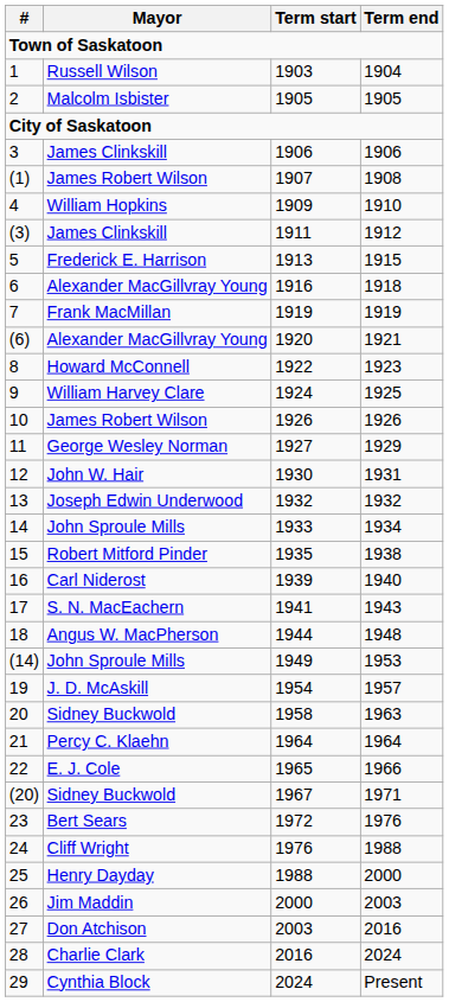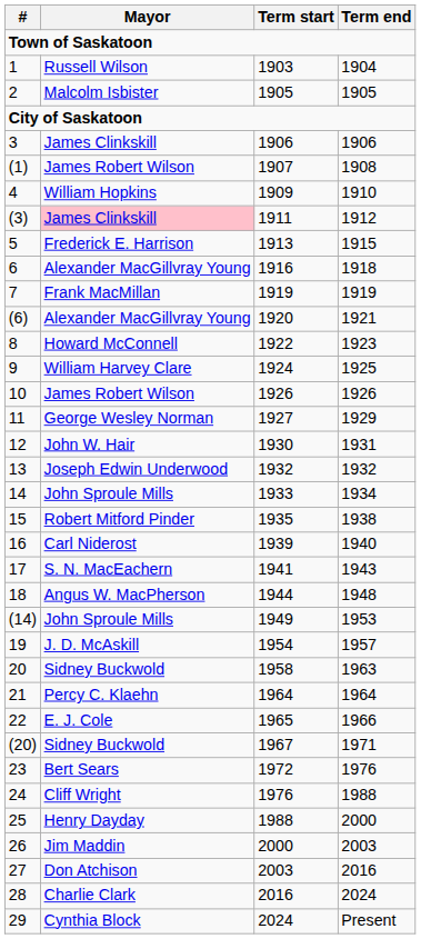 <table class="wikitable">
 <tr>
 <th>#</th>
 <th>Mayor</th>
 <th>Term start</th>
 <th>Term end</th>
 </tr>
 <tr>
 <td colspan="4"><strong>Town of Saskatoon</strong></td>
 </tr>
 <tr>
 <td>1</td>
 <td><a href='#'>Russell Wilson</a></td>
 <td>1903</td>
 <td>1904</td>
 </tr>
 <tr>
 <td>2</td>
 <td><a href='#'>Malcolm Isbister</a></td>
 <td>1905</td>
 <td>1905</td>
 </tr>
 <tr>
 <td colspan="4"><strong>City of Saskatoon</strong></td>
 </tr>
 <tr>
 <td>3</td>
 <td><a href='#'>James Clinkskill</a></td>
 <td>1906</td>
 <td>1906</td>
 </tr>
 <tr>
 <td>(1)</td>
 <td><a href='#'>James Robert Wilson</a></td>
 <td>1907</td>
 <td>1908</td>
 </tr>
 <tr>
 <td>4</td>
 <td><a href='#'>William Hopkins</a></td>
 <td>1909</td>
 <td>1910</td>
 </tr>
 <tr>
 <td>(3)</td>
-<td><a href='#'>James Clinkskill</a></td>
+<td style="background: pink;"><a href='#'>James Clinkskill</a></td>
 <td>1911</td>
 <td>1912</td>
 </tr>
 <tr>
 <td>5</td>
 <td><a href='#'>Frederick E. Harrison</a></td>
 <td>1913</td>
 <td>1915</td>
 </tr>
 <tr>
 <td>6</td>
 <td><a href='#'>Alexander MacGillvray Young</a></td>
 <td>1916</td>
 <td>1918</td>
 </tr>
 <tr>
 <td>7</td>
 <td><a href='#'>Frank MacMillan</a></td>
 <td>1919</td>
 <td>1919</td>
 </tr>
 <tr>
 <td>(6)</td>
 <td><a href='#'>Alexander MacGillvray Young</a></td>
 <td>1920</td>
 <td>1921</td>
 </tr>
 <tr>
 <td>8</td>
 <td><a href='#'>Howard McConnell</a></td>
 <td>1922</td>
 <td>1923</td>
 </tr>
 <tr>
 <td>9</td>
 <td><a href='#'>William Harvey Clare</a></td>
 <td>1924</td>
 <td>1925</td>
 </tr>
 <tr>
 <td>10</td>
 <td><a href='#'>James Robert Wilson</a></td>
 <td>1926</td>
 <td>1926</td>
 </tr>
 <tr>
 <td>11</td>
 <td><a href='#'>George Wesley Norman</a></td>
 <td>1927</td>
 <td>1929</td>
 </tr>
 <tr>
 <td>12</td>
 <td><a href='#'>John W. Hair</a></td>
 <td>1930</td>
 <td>1931</td>
 </tr>
 <tr>
 <td>13</td>
 <td><a href='#'>Joseph Edwin Underwood</a></td>
 <td>1932</td>
 <td>1932</td>
 </tr>
 <tr>
 <td>14</td>
 <td><a href='#'>John Sproule Mills</a></td>
 <td>1933</td>
 <td>1934</td>
 </tr>
 <tr>
 <td>15</td>
 <td><a href='#'>Robert Mitford Pinder</a></td>
 <td>1935</td>
 <td>1938</td>
 </tr>
 <tr>
 <td>16</td>
 <td><a href='#'>Carl Niderost</a></td>
 <td>1939</td>
 <td>1940</td>
 </tr>
 <tr>
 <td>17</td>
 <td><a href='#'>S. N. MacEachern</a></td>
 <td>1941</td>
 <td>1943</td>
 </tr>
 <tr>
 <td>18</td>
 <td><a href='#'>Angus W. MacPherson</a></td>
 <td>1944</td>
 <td>1948</td>
 </tr>
 <tr>
 <td>(14)</td>
 <td><a href='#'>John Sproule Mills</a></td>
 <td>1949</td>
 <td>1953</td>
 </tr>
 <tr>
 <td>19</td>
 <td><a href='#'>J. D. McAskill</a></td>
 <td>1954</td>
 <td>1957</td>
 </tr>
 <tr>
 <td>20</td>
 <td><a href='#'>Sidney Buckwold</a></td>
 <td>1958</td>
 <td>1963</td>
 </tr>
 <tr>
 <td>21</td>
 <td><a href='#'>Percy C. Klaehn</a></td>
 <td>1964</td>
 <td>1964</td>
 </tr>
 <tr>
 <td>22</td>
 <td><a href='#'>E. J. Cole</a></td>
 <td>1965</td>
 <td>1966</td>
 </tr>
 <tr>
 <td>(20)</td>
 <td><a href='#'>Sidney Buckwold</a></td>
 <td>1967</td>
 <td>1971</td>
 </tr>
 <tr>
 <td>23</td>
 <td><a href='#'>Bert Sears</a></td>
 <td>1972</td>
 <td>1976</td>
 </tr>
 <tr>
 <td>24</td>
 <td><a href='#'>Cliff Wright</a></td>
 <td>1976</td>
 <td>1988</td>
 </tr>
 <tr>
 <td>25</td>
 <td><a href='#'>Henry Dayday</a></td>
 <td>1988</td>
 <td>2000</td>
 </tr>
 <tr>
 <td>26</td>
 <td><a href='#'>Jim Maddin</a></td>
 <td>2000</td>
 <td>2003</td>
 </tr>
 <tr>
 <td>27</td>
 <td><a href='#'>Don Atchison</a></td>
 <td>2003</td>
 <td>2016</td>
 </tr>
 <tr>
 <td>28</td>
 <td><a href='#'>Charlie Clark</a></td>
 <td>2016</td>
 <td>2024</td>
 </tr>
 <tr>
 <td>29</td>
 <td><a href='#'>Cynthia Block</a></td>
 <td>2024</td>
 <td>Present</td>
 </tr>
 </table>
